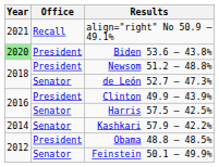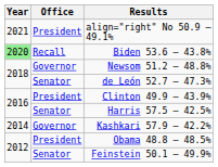 <table class=wikitable>
 <tr>
 <th width="30">Year</th>
 <th width="60">Office</th>
 <th width="180">Results</th>
 </tr>
 <tr>
 <td>2021</td>
-<td><a href='#'>Recall</a></td>
+<td><a href='#'>President</a></td>
 <td>align="right"  No 50.9 – 49.1%</td>
 </tr>
 <tr>
 <td style="background: lightgreen;">2020</td>
-<td><a href='#'>President</a></td>
+<td><a href='#'>Recall</a></td>
 <td align="right" ><a href='#'>Biden</a> 53.6 – 43.8%</td>
 </tr>
 <tr>
 <td rowspan="2">2018</td>
-<td><a href='#'>President</a></td>
+<td><a href='#'>Governor</a></td>
 <td align="right" ><a href='#'>Newsom</a> 51.2 – 48.8%</td>
 </tr>
 <tr>
 <td><a href='#'>Senator</a></td>
 <td align="right" ><a href='#'>de León</a> 52.7 – 47.3%</td>
 </tr>
 <tr>
 <td rowspan="2">2016</td>
 <td><a href='#'>President</a></td>
 <td align="right" ><a href='#'>Clinton</a> 49.9 – 43.9%</td>
 </tr>
 <tr>
 <td><a href='#'>Senator</a></td>
 <td align="right" ><a href='#'>Harris</a> 57.5 – 42.5%</td>
 </tr>
 <tr>
 <td>2014</td>
-<td><a href='#'>Senator</a></td>
+<td><a href='#'>Governor</a></td>
 <td align="right" ><a href='#'>Kashkari</a> 57.9 – 42.2%</td>
 </tr>
 <tr>
 <td rowspan="2">2012</td>
 <td><a href='#'>President</a></td>
 <td align="right" ><a href='#'>Obama</a> 48.8 – 48.5%</td>
 </tr>
 <tr>
 <td><a href='#'>Senator</a></td>
 <td align="right" ><a href='#'>Feinstein</a> 50.1 – 49.9%</td>
 </tr>
 </table>
